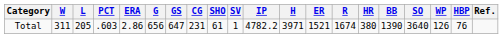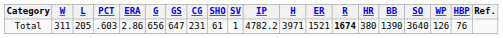 <table class="wikitable" style="font-size: 95%; text-align:center;">
 <tr>
 <th>Category</th>
 <th><a href='#'>W</a></th>
 <th><a href='#'>L</a></th>
 <th><a href='#'>PCT</a></th>
 <th><a href='#'>ERA</a></th>
 <th><a href='#'>G</a></th>
 <th><a href='#'>GS</a></th>
 <th><a href='#'>CG</a></th>
 <th><a href='#'>SHO</a></th>
 <th><a href='#'>SV</a></th>
 <th><a href='#'>IP</a></th>
 <th><a href='#'>H</a></th>
 <th><a href='#'>ER</a></th>
 <th><a href='#'>R</a></th>
 <th><a href='#'>HR</a></th>
 <th><a href='#'>BB</a></th>
 <th><a href='#'>SO</a></th>
 <th><a href='#'>WP</a></th>
 <th><a href='#'>HBP</a></th>
 <th>Ref.</th>
 </tr>
 <tr>
 <td>Total</td>
 <td>311</td>
 <td>205</td>
 <td>.603</td>
 <td>2.86</td>
 <td>656</td>
 <td>647</td>
 <td>231</td>
 <td>61</td>
 <td>1</td>
 <td>4782.2</td>
 <td>3971</td>
 <td>1521</td>
-<td>1674</td>
+<td><strong>1674</strong></td>
 <td>380</td>
 <td>1390</td>
 <td>3640</td>
 <td>126</td>
 <td>76</td>
 <td></td>
 </tr>
 </table>
